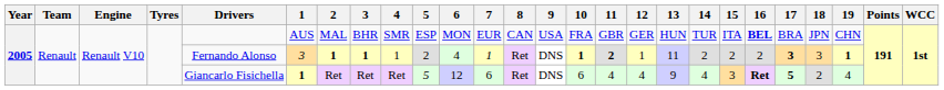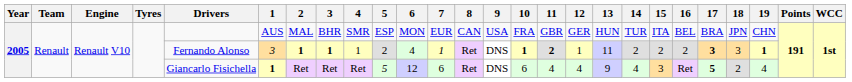 <table class="wikitable" style="text-align:center; font-size:95%">
 <tr>
 <th>Year</th>
 <th>Team</th>
 <th>Engine</th>
 <th>Tyres</th>
 <th>Drivers</th>
 <th>1</th>
 <th>2</th>
 <th>3</th>
 <th>4</th>
 <th>5</th>
 <th>6</th>
 <th>7</th>
 <th>8</th>
 <th>9</th>
 <th>10</th>
 <th>11</th>
 <th>12</th>
 <th>13</th>
 <th>14</th>
 <th>15</th>
 <th>16</th>
 <th>17</th>
 <th>18</th>
 <th>19</th>
 <th>Points</th>
 <th>WCC</th>
 </tr>
 <tr>
 <th rowspan="3"><a href='#'>2005</a></th>
 <td rowspan="3"><a href='#'>Renault</a></td>
 <td rowspan="3"><a href='#'>Renault</a> <a href='#'>V10</a></td>
 <td rowspan="3"></td>
 <td></td>
 <td><a href='#'>AUS</a></td>
 <td><a href='#'>MAL</a></td>
 <td><a href='#'>BHR</a></td>
 <td><a href='#'>SMR</a></td>
 <td><a href='#'>ESP</a></td>
 <td><a href='#'>MON</a></td>
 <td><a href='#'>EUR</a></td>
 <td><a href='#'>CAN</a></td>
 <td><a href='#'>USA</a></td>
 <td><a href='#'>FRA</a></td>
 <td><a href='#'>GBR</a></td>
 <td><a href='#'>GER</a></td>
 <td><a href='#'>HUN</a></td>
 <td><a href='#'>TUR</a></td>
 <td><a href='#'>ITA</a></td>
-<td><strong><a href='#'>BEL</a></strong></td>
+<td><a href='#'>BEL</a></td>
 <td><a href='#'>BRA</a></td>
 <td><a href='#'>JPN</a></td>
 <td><a href='#'>CHN</a></td>
 <td style="background-color:#FFFFBF" rowspan="3"><strong>191</strong></td>
 <td style="background-color:#FFFFBF" rowspan="3"><strong>1st</strong></td>
 </tr>
 <tr>
 <td> <a href='#'>Fernando Alonso</a></td>
 <td style="background-color:#FFDF9F"><em>3</em></td>
 <td style="background-color:#FFFFBF"><strong>1</strong></td>
 <td style="background-color:#FFFFBF"><strong>1</strong></td>
 <td style="background-color:#FFFFBF">1</td>
 <td style="background-color:#DFDFDF">2</td>
 <td style="background-color:#DFFFDF">4</td>
 <td style="background-color:#FFFFBF"><em>1</em></td>
 <td style="background-color:#EFCFFF">Ret</td>
 <td style="background-color:#FFFFFF">DNS</td>
 <td style="background-color:#FFFFBF"><strong>1</strong></td>
 <td style="background-color:#DFDFDF"><strong>2</strong></td>
 <td style="background-color:#FFFFBF">1</td>
 <td style="background-color:#CFCFFF">11</td>
 <td style="background-color:#DFDFDF">2</td>
 <td style="background-color:#DFDFDF">2</td>
 <td style="background-color:#DFDFDF">2</td>
 <td style="background-color:#FFDF9F"><strong>3</strong></td>
 <td style="background-color:#FFDF9F">3</td>
 <td style="background-color:#FFFFBF"><strong>1</strong></td>
 </tr>
 <tr>
 <td> <a href='#'>Giancarlo Fisichella</a></td>
 <td style="background-color:#FFFFBF"><strong>1</strong></td>
 <td style="background-color:#EFCFFF">Ret</td>
 <td style="background-color:#EFCFFF">Ret</td>
 <td style="background-color:#EFCFFF">Ret</td>
 <td style="background-color:#DFFFDF"><em>5</em></td>
 <td style="background-color:#CFCFFF">12</td>
 <td style="background-color:#DFFFDF">6</td>
 <td style="background-color:#EFCFFF">Ret</td>
 <td style="background-color:#FFFFFF">DNS</td>
 <td style="background-color:#DFFFDF">6</td>
 <td style="background-color:#DFFFDF">4</td>
 <td style="background-color:#DFFFDF">4</td>
 <td style="background-color:#CFCFFF">9</td>
 <td style="background-color:#DFFFDF">4</td>
 <td style="background-color:#FFDF9F">3</td>
-<td style="background-color:#EFCFFF"><strong>Ret</strong></td>
+<td style="background-color:#EFCFFF">Ret</td>
 <td style="background-color:#DFFFDF"><strong>5</strong></td>
 <td style="background-color:#DFDFDF">2</td>
 <td style="background-color:#DFFFDF">4</td>
 </tr>
 </table>
